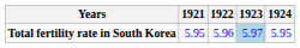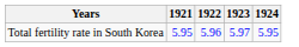 <table class="wikitable " style="text-align:right">
 <tr>
 <th>Years</th>
 <th>1921</th>
 <th>1922</th>
 <th>1923</th>
 <th>1924</th>
 </tr>
 <tr>
-<td align="left"><strong>Total fertility rate in South Korea</strong></td>
+<td align="left">Total fertility rate in South Korea</td>
 <td style="text-align:right; color:blue;">5.95</td>
 <td style="text-align:right; color:blue;">5.96</td>
-<td style="background: lightblue; text-align:right; color:blue;">5.97</td>
+<td style="text-align:right; color:blue;">5.97</td>
 <td style="text-align:right; color:blue;">5.95</td>
 </tr>
 </table>
